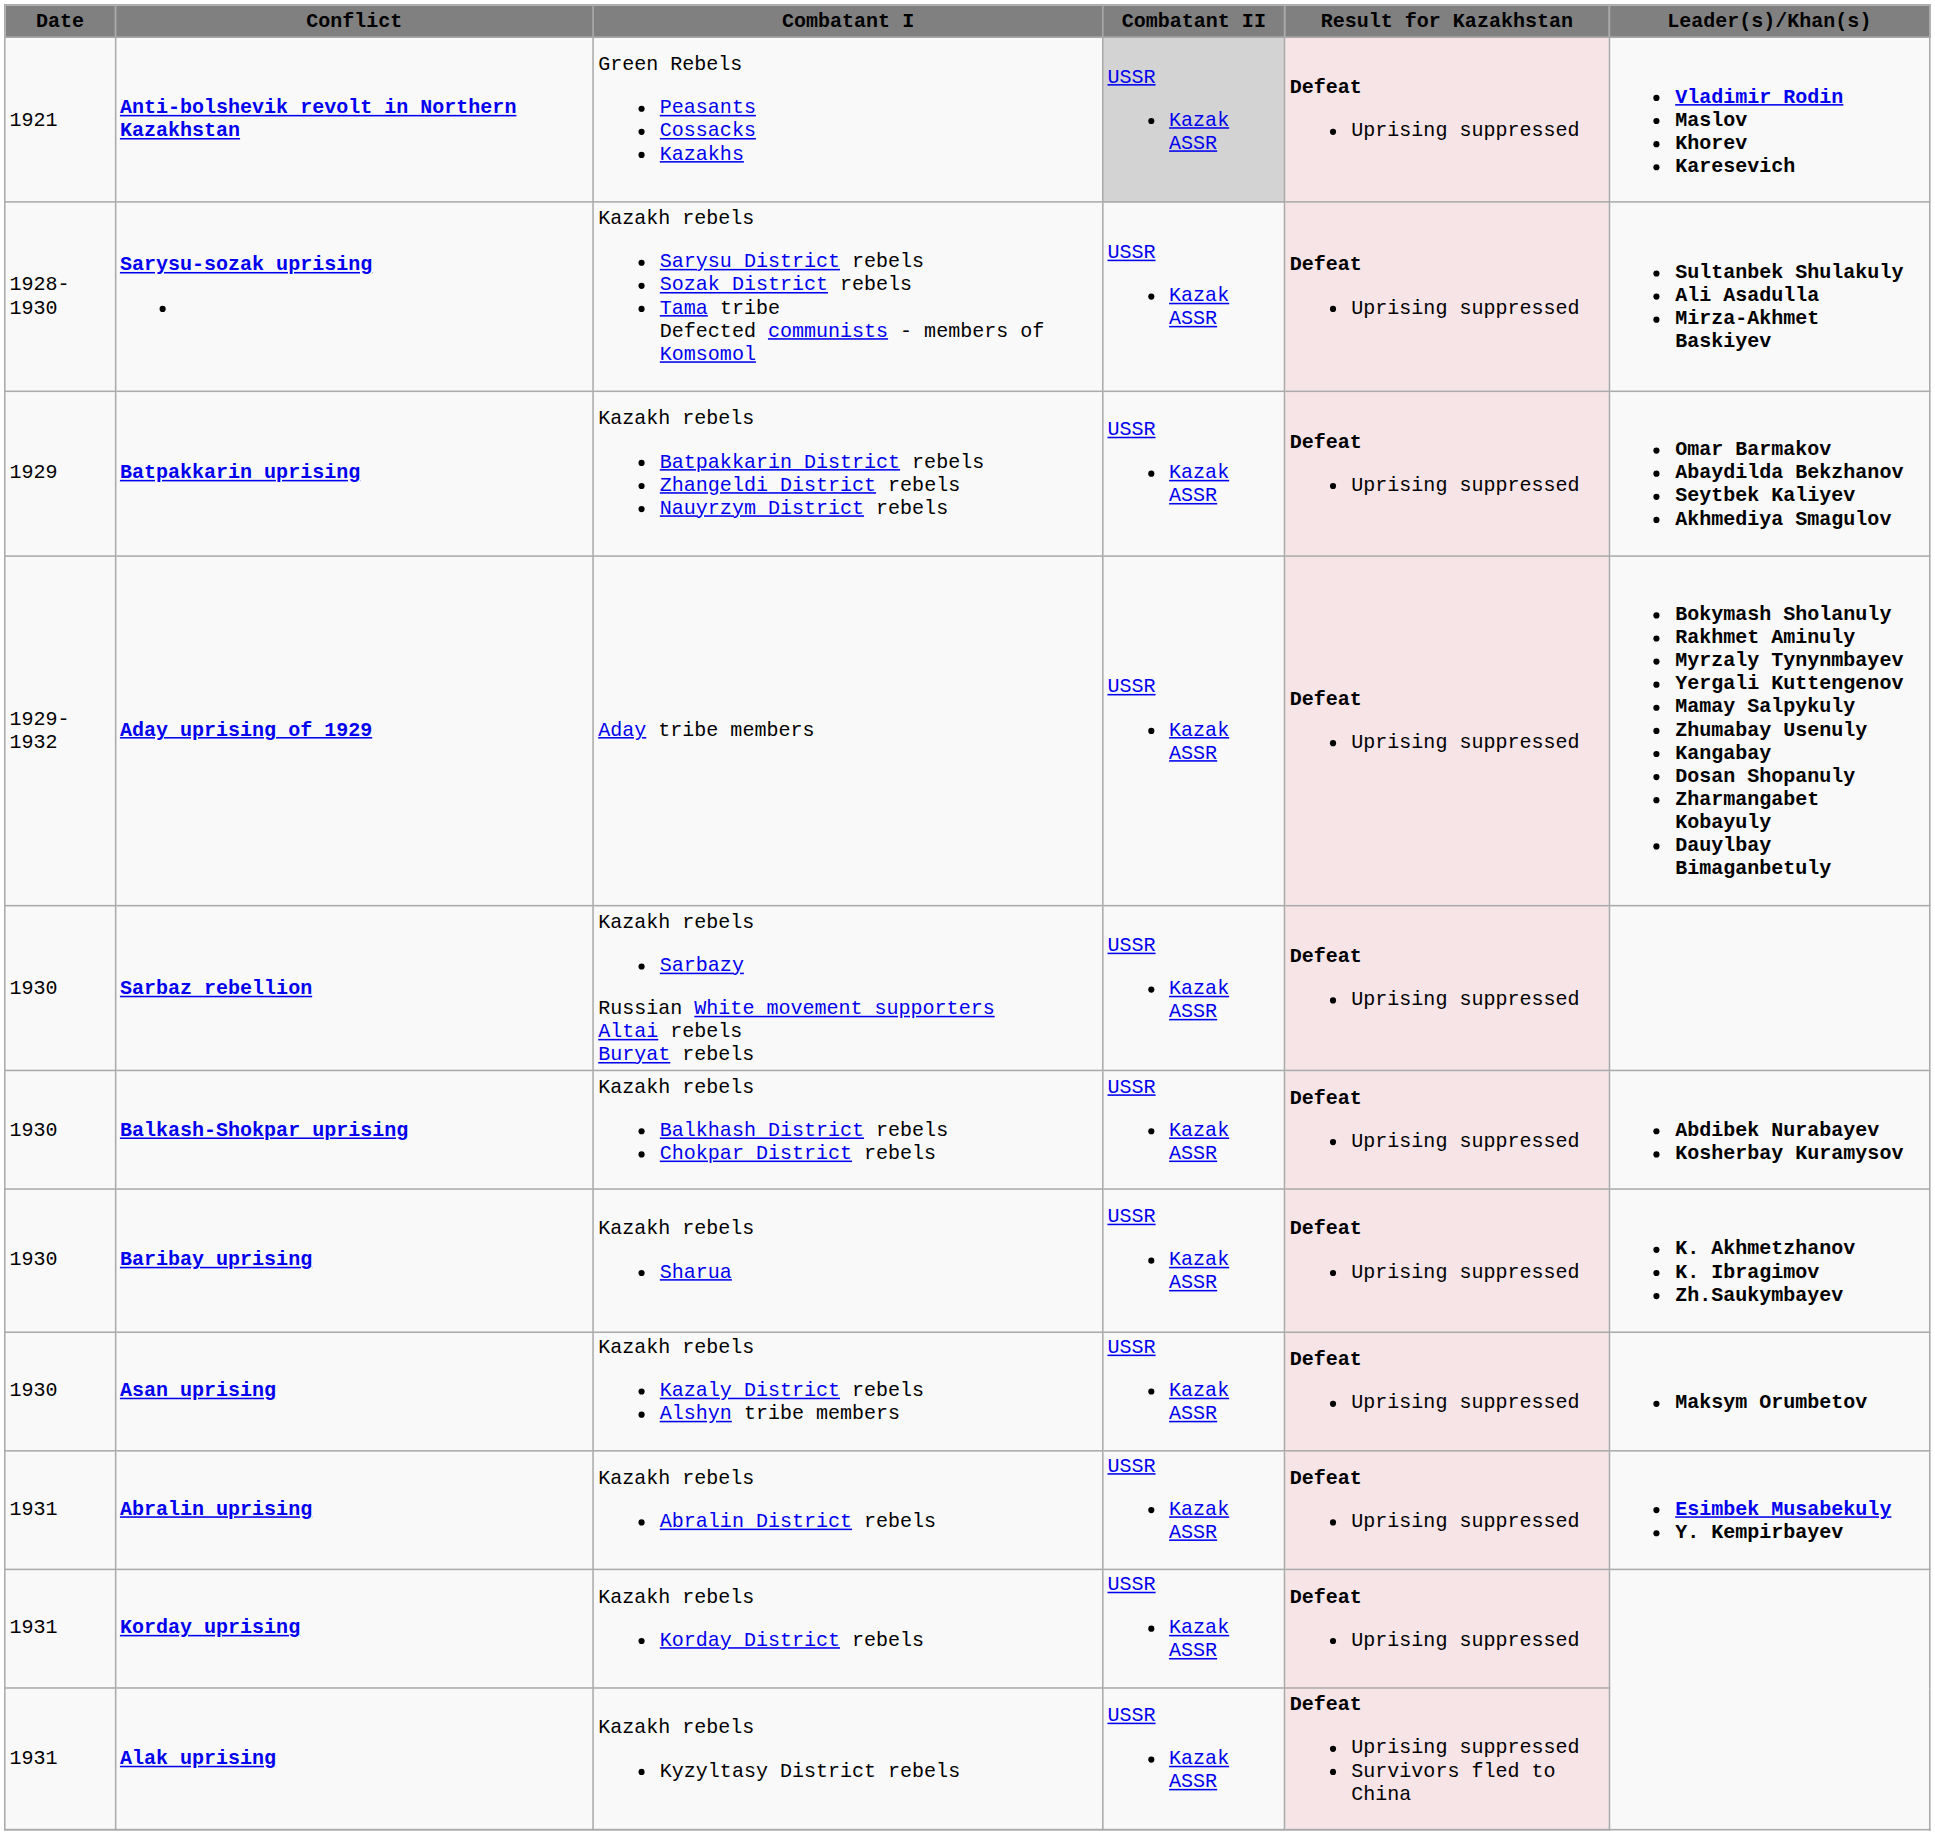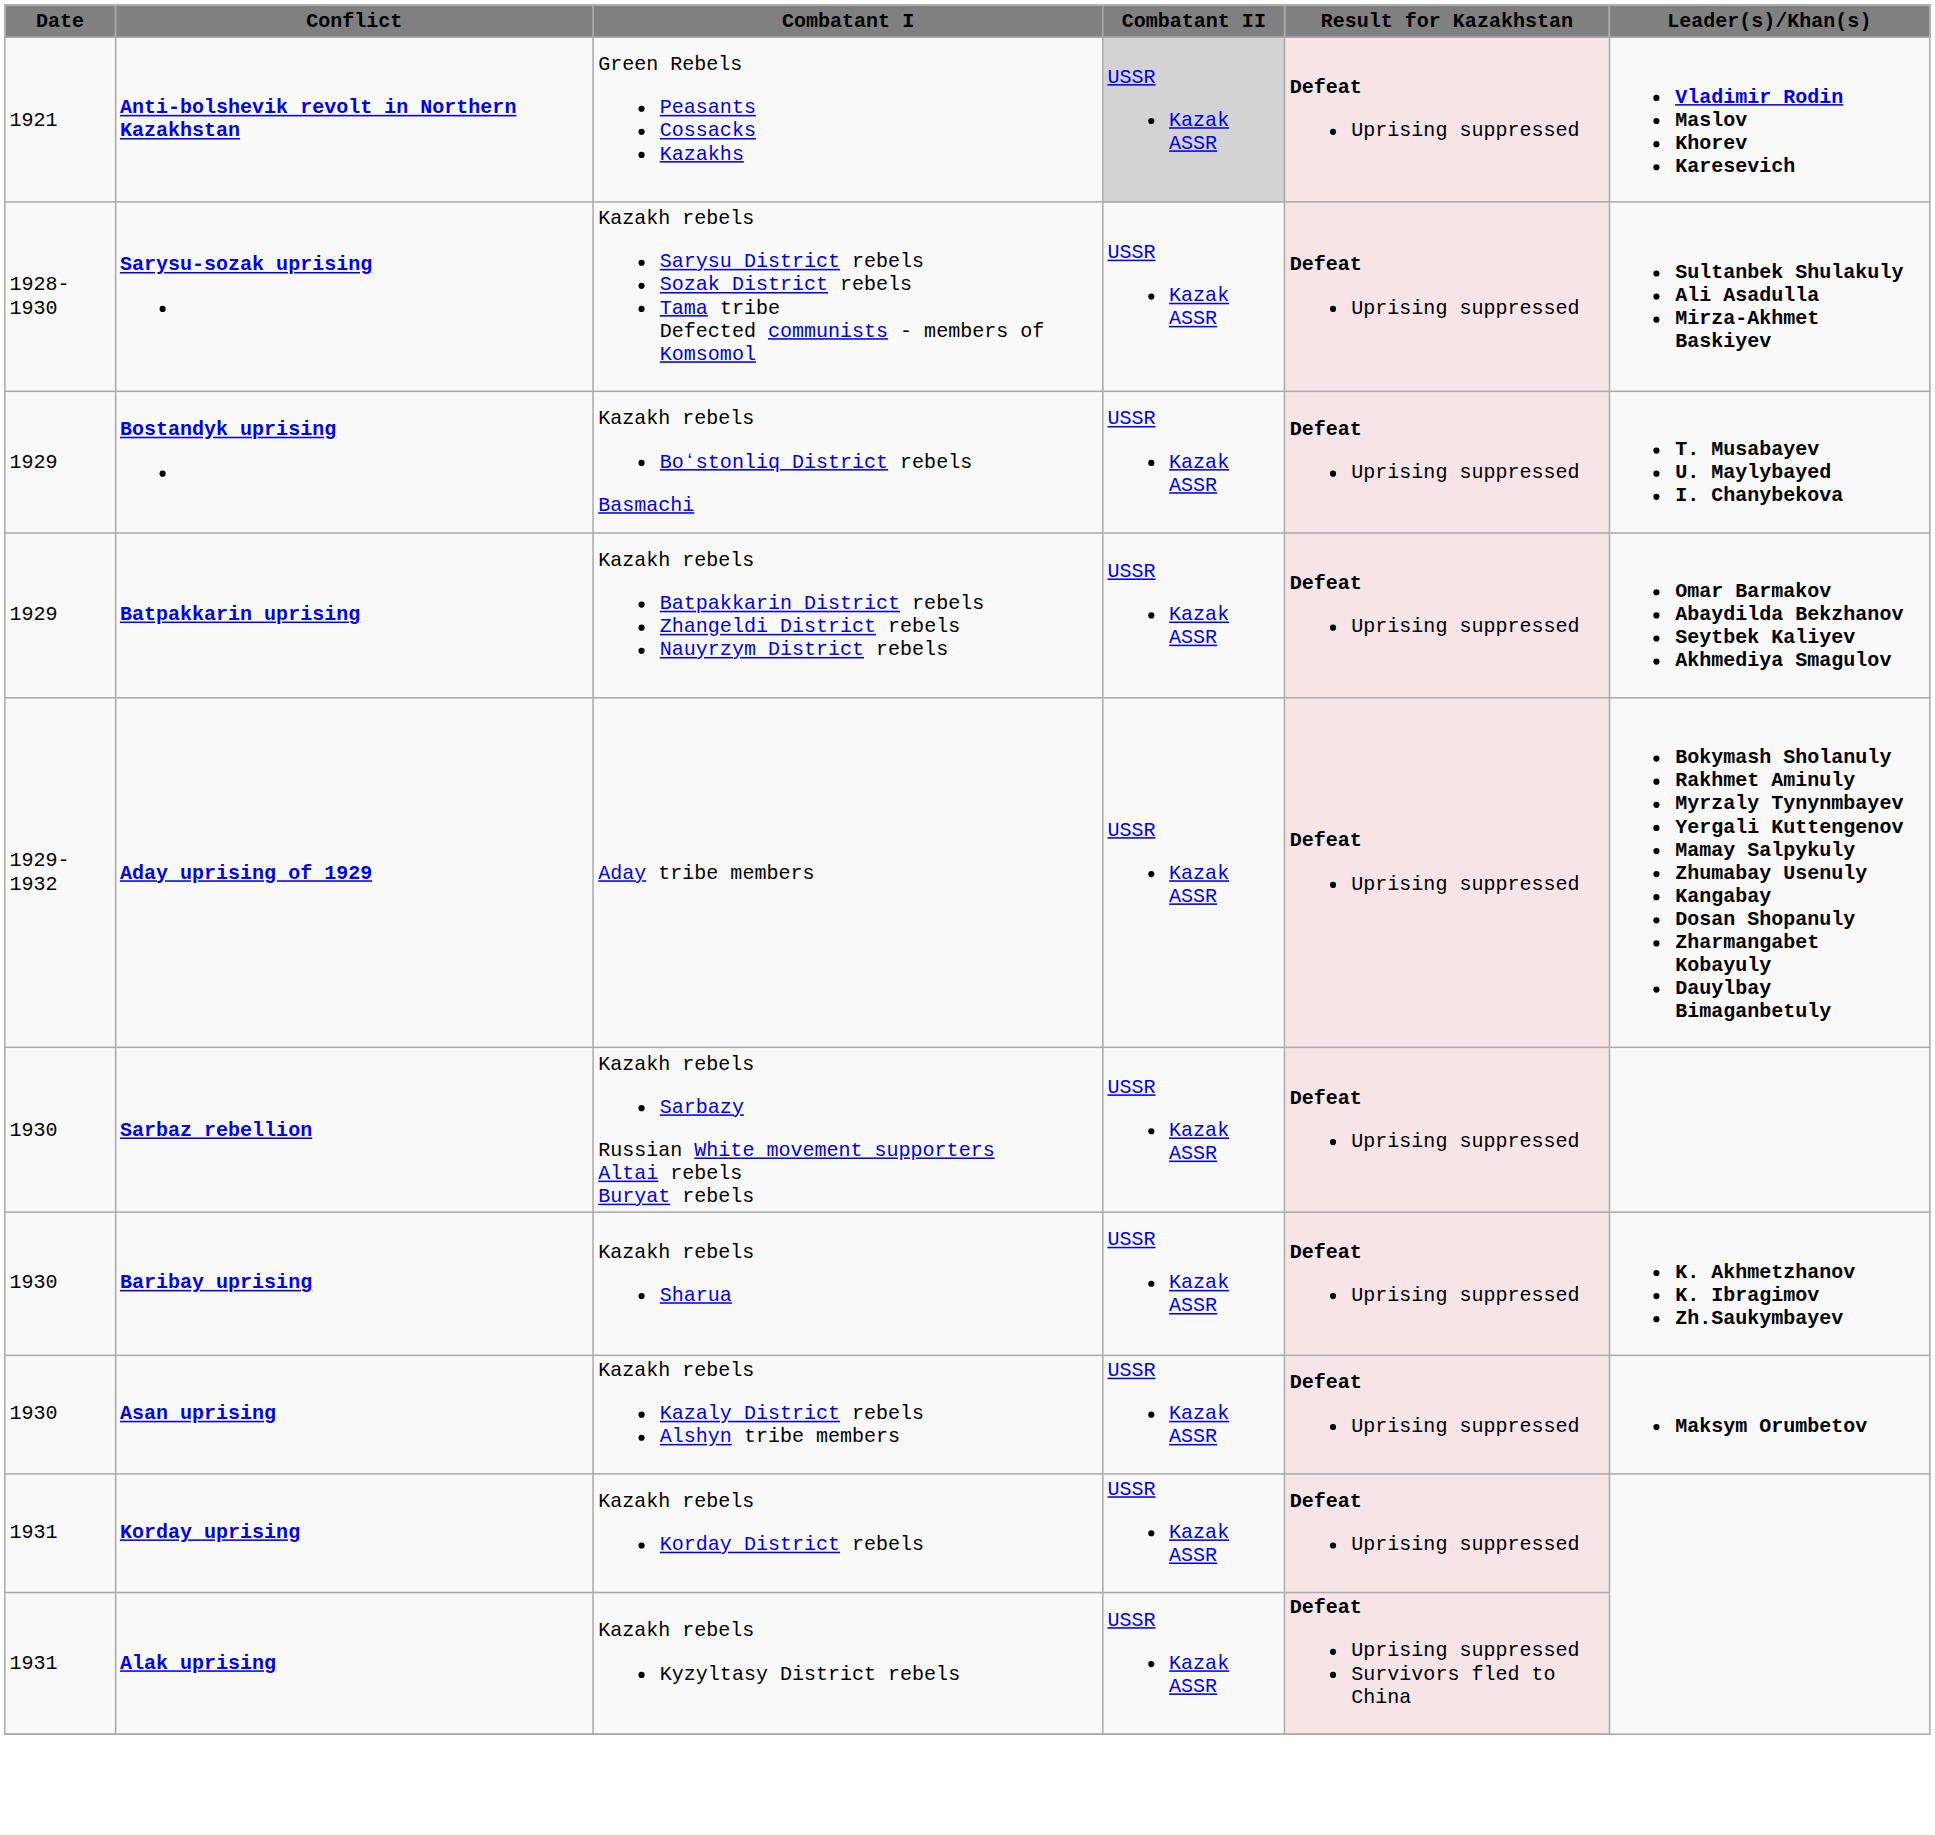 <table class="wikitable">
 <tr>
 <th style="background:gray;">Date</th>
 <th style="background:gray;">Conflict</th>
 <th style="background:gray;">Combatant I</th>
 <th style="background:gray;">Combatant II</th>
 <th style="background:gray;">Result for Kazakhstan</th>
 <th style="background:gray;">Leader(s)/Khan(s)</th>
 </tr>
 <tr>
 <td>1921</td>
 <td><strong><a href='#'>Anti-bolshevik revolt in Northern Kazakhstan</a></strong></td>
 <td> Green Rebels<br><ul><li><a href='#'>Peasants</a></li><li><a href='#'>Cossacks</a></li><li><a href='#'>Kazakhs</a></li></ul></td>
 <td style="background: lightgrey;"> <a href='#'>USSR</a><br><ul><li> <a href='#'>Kazak ASSR</a></li></ul></td>
 <td style="background:#F6E4E7"><strong>Defeat</strong><br><ul><li>Uprising suppressed</li></ul></td>
 <td><br><ul><li><strong><a href='#'>Vladimir Rodin</a></strong></li><li><strong>Maslov</strong></li><li><strong>Khorev</strong></li><li><strong>Karesevich</strong></li></ul></td>
 </tr>
 <tr>
 <td>1928-1930</td>
 <td><strong><a href='#'>Sarysu-sozak uprising</a></strong><br><ul><li></li></ul></td>
 <td> Kazakh rebels<br><ul><li><a href='#'>Sarysu District</a> rebels</li><li><a href='#'>Sozak District</a> rebels</li><li><a href='#'>Tama</a> tribe<br>Defected <a href='#'>communists</a> - members of <a href='#'>Komsomol</a></li></ul></td>
 <td> <a href='#'>USSR</a><br><ul><li> <a href='#'>Kazak ASSR</a></li></ul></td>
 <td style="background:#F6E4E7"><strong>Defeat</strong><br><ul><li>Uprising suppressed</li></ul></td>
 <td><br><ul><li><strong>Sultanbek Shulakuly</strong></li><li><strong>Ali Asadulla</strong></li><li><strong>Mirza-Akhmet Baskiyev</strong></li></ul></td>
 </tr>
 <tr>
 <td>1929</td>
+<td><strong><a href='#'>Bostandyk uprising</a></strong><br><ul><li></li></ul></td>
+<td>Kazakh rebels<br><ul><li><a href='#'>Boʻstonliq District</a> rebels</li></ul> <a href='#'>Basmachi</a></td>
+<td> <a href='#'>USSR</a><br><ul><li> <a href='#'>Kazak ASSR</a></li></ul></td>
+<td style="background:#F6E4E7"><strong>Defeat</strong><br><ul><li>Uprising suppressed</li></ul></td>
+<td><br><ul><li><strong>T. Musabayev</strong></li><li><strong>U. Maylybayed</strong></li><li><strong>I. Chanybekova</strong></li></ul></td>
+</tr>
+<tr>
+<td>1929</td>
 <td><strong><a href='#'>Batpakkarin uprising</a></strong></td>
 <td>Kazakh rebels<br><ul><li><a href='#'>Batpakkarin District</a> rebels</li><li><a href='#'>Zhangeldi District</a> rebels</li><li><a href='#'>Nauyrzym District</a> rebels</li></ul></td>
 <td> <a href='#'>USSR</a><br><ul><li> <a href='#'>Kazak ASSR</a></li></ul></td>
 <td style="background:#F6E4E7"><strong>Defeat</strong><br><ul><li>Uprising suppressed</li></ul></td>
 <td><br><ul><li><strong>Omar Barmakov</strong></li><li><strong>Abaydilda Bekzhanov</strong></li><li><strong>Seytbek Kaliyev</strong></li><li><strong>Akhmediya Smagulov</strong></li></ul></td>
 </tr>
 <tr>
 <td>1929-1932</td>
 <td><strong><a href='#'>Aday uprising of 1929</a></strong></td>
 <td><a href='#'>Aday</a> tribe members</td>
 <td> <a href='#'>USSR</a><br><ul><li> <a href='#'>Kazak ASSR</a></li></ul></td>
 <td style="background:#F6E4E7"><strong>Defeat</strong><br><ul><li>Uprising suppressed</li></ul></td>
 <td><br><ul><li><strong>Bokymash Sholanuly</strong></li><li><strong>Rakhmet Aminuly</strong></li><li><strong>Myrzaly Tynynmbayev</strong></li><li><strong>Yergali Kuttengenov</strong></li><li><strong>Mamay Salpykuly</strong></li><li><strong>Zhumabay Usenuly</strong></li><li><strong>Kangabay</strong></li><li><strong>Dosan Shopanuly</strong></li><li><strong>Zharmangabet Kobayuly</strong></li><li><strong>Dauylbay Bimaganbetuly</strong></li></ul></td>
 </tr>
 <tr>
 <td>1930</td>
 <td><strong><a href='#'>Sarbaz rebellion</a></strong></td>
 <td>Kazakh rebels<br><ul><li><a href='#'>Sarbazy</a></li></ul> Russian <a href='#'>White movement supporters</a><br>  <a href='#'>Altai</a> rebels<br> <a href='#'>Buryat</a> rebels</td>
 <td> <a href='#'>USSR</a><br><ul><li> <a href='#'>Kazak ASSR</a></li></ul></td>
 <td style="background:#F6E4E7"><strong>Defeat</strong><br><ul><li>Uprising suppressed</li></ul></td>
 </tr>
 <tr>
 <td>1930</td>
-<td><strong><a href='#'>Balkash-Shokpar uprising</a></strong></td>
-<td>Kazakh rebels<br><ul><li><a href='#'>Balkhash District</a> rebels</li><li><a href='#'>Chokpar District</a> rebels</li></ul></td>
-<td> <a href='#'>USSR</a><br><ul><li> <a href='#'>Kazak ASSR</a></li></ul></td>
-<td style="background:#F6E4E7"><strong>Defeat</strong><br><ul><li>Uprising suppressed</li></ul></td>
-<td><br><ul><li><strong>Abdibek Nurabayev</strong></li><li><strong>Kosherbay Kuramysov</strong></li></ul></td>
-</tr>
-<tr>
-<td>1930</td>
 <td><strong><a href='#'>Baribay uprising</a></strong></td>
 <td>Kazakh rebels<br><ul><li><a href='#'>Sharua</a></li></ul></td>
 <td> <a href='#'>USSR</a><br><ul><li> <a href='#'>Kazak ASSR</a></li></ul></td>
 <td style="background:#F6E4E7"><strong>Defeat</strong><br><ul><li>Uprising suppressed</li></ul></td>
 <td><br><ul><li><strong>K. Akhmetzhanov</strong></li><li><strong>K. Ibragimov</strong></li><li><strong>Zh.Saukymbayev</strong></li></ul></td>
 </tr>
 <tr>
 <td>1930</td>
 <td><strong><a href='#'>Asan uprising</a></strong></td>
 <td>Kazakh rebels<br><ul><li><a href='#'>Kazaly District</a> rebels</li><li><a href='#'>Alshyn</a> tribe members</li></ul></td>
 <td> <a href='#'>USSR</a><br><ul><li> <a href='#'>Kazak ASSR</a></li></ul></td>
 <td style="background:#F6E4E7"><strong>Defeat</strong><br><ul><li>Uprising suppressed</li></ul></td>
 <td><br><ul><li><strong>Maksym Orumbetov</strong></li></ul></td>
-</tr>
-<tr>
-<td>1931</td>
-<td><strong><a href='#'>Abralin uprising</a></strong></td>
-<td>Kazakh rebels<br><ul><li><a href='#'>Abralin District</a> rebels</li></ul></td>
-<td> <a href='#'>USSR</a><br><ul><li> <a href='#'>Kazak ASSR</a></li></ul></td>
-<td style="background:#F6E4E7"><strong>Defeat</strong><br><ul><li>Uprising suppressed</li></ul></td>
-<td><br><ul><li><strong><a href='#'>Esimbek Musabekuly</a></strong></li><li><strong>Y. Kempirbayev</strong></li></ul></td>
 </tr>
 <tr>
 <td>1931</td>
 <td><strong><a href='#'>Korday uprising</a></strong></td>
 <td>Kazakh rebels<br><ul><li><a href='#'>Korday District</a> rebels</li></ul></td>
 <td> <a href='#'>USSR</a><br><ul><li> <a href='#'>Kazak ASSR</a></li></ul></td>
 <td style="background:#F6E4E7"><strong>Defeat</strong><br><ul><li>Uprising suppressed</li></ul></td>
 </tr>
 <tr>
 <td>1931</td>
 <td><strong><a href='#'>Alak uprising</a></strong></td>
 <td>Kazakh rebels<br><ul><li>Kyzyltasy District rebels</li></ul></td>
 <td> <a href='#'>USSR</a><br><ul><li> <a href='#'>Kazak ASSR</a></li></ul></td>
 <td style="background:#F6E4E7"><strong>Defeat</strong><br><ul><li>Uprising suppressed</li><li>Survivors fled to China</li></ul></td>
 </tr>
 <tr>
 </tr>
 </table>
